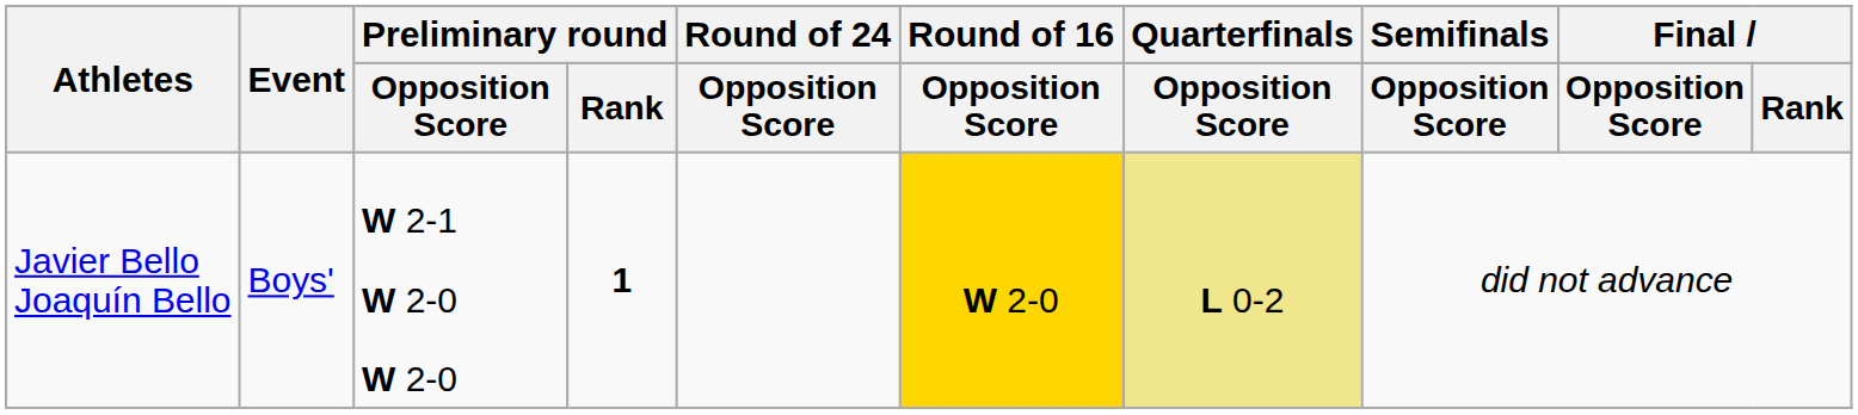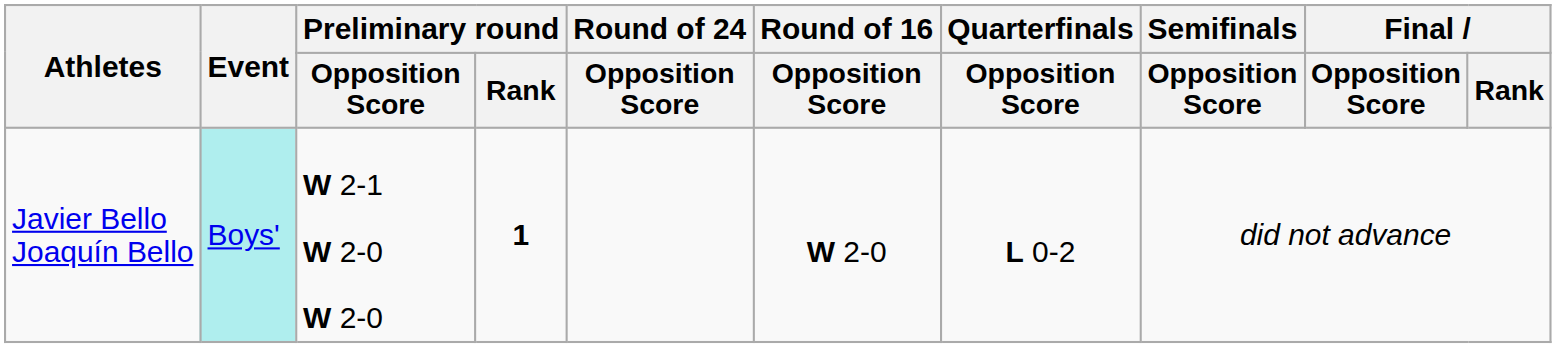 <table class=wikitable style="font-size:90%">
 <tr>
 <th rowspan=2>Athletes</th>
 <th rowspan=2>Event</th>
 <th colspan=2>Preliminary round</th>
 <th>Round of 24</th>
 <th>Round of 16</th>
 <th>Quarterfinals</th>
 <th>Semifinals</th>
 <th colspan=2>Final / </th>
 </tr>
 <tr style="font-size:95%">
 <th>Opposition<br>Score</th>
 <th>Rank</th>
 <th>Opposition<br>Score</th>
 <th>Opposition<br>Score</th>
 <th>Opposition<br>Score</th>
 <th>Opposition<br>Score</th>
 <th>Opposition<br>Score</th>
 <th>Rank</th>
 </tr>
 <tr align=center>
 <td align=left><a href='#'>Javier Bello</a><br><a href='#'>Joaquín Bello</a></td>
-<td align=left><a href='#'>Boys'</a></td>
+<td align=left style="background: paleturquoise;"><a href='#'>Boys'</a></td>
 <td align=left><br> <strong>W</strong> 2-1 <br><br> <strong>W</strong> 2-0 <br><br> <strong>W</strong> 2-0 <br></td>
 <td><strong>1</strong></td>
 <td></td>
-<td style="background: gold;"><br> <strong>W</strong> 2-0</td>
-<td style="background: khaki;"><br> <strong>L</strong> 0-2</td>
+<td><br> <strong>W</strong> 2-0</td>
+<td><br> <strong>L</strong> 0-2</td>
 <td Colspan=3><em>did not advance</em></td>
 </tr>
 </table>
